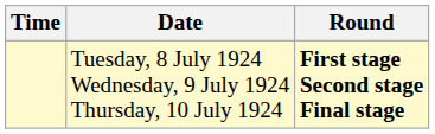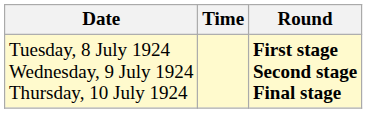 <table class="wikitable">
 <tr>
+<th>Date</th>
 <th>Time</th>
-<th>Date</th>
 <th>Round</th>
 </tr>
 <tr style=background:lemonchiffon>
+<td>Tuesday, 8 July 1924<br>Wednesday, 9 July 1924<br>Thursday, 10 July 1924</td>
 <td></td>
-<td>Tuesday, 8 July 1924<br>Wednesday, 9 July 1924<br>Thursday, 10 July 1924</td>
 <td><strong>First stage</strong><br><strong>Second stage</strong><br><strong>Final stage</strong></td>
 </tr>
 </table>
